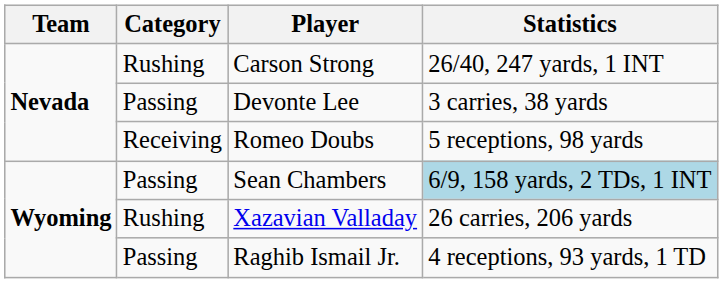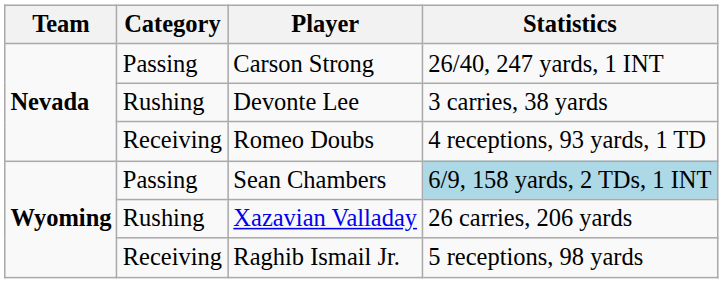 <table class="wikitable" style="float: left;">
 <tr>
 <th>Team</th>
 <th>Category</th>
 <th>Player</th>
 <th>Statistics</th>
 </tr>
 <tr>
 <td rowspan=3><strong>Nevada</strong></td>
-<td>Rushing</td>
+<td>Passing</td>
 <td>Carson Strong</td>
 <td>26/40, 247 yards, 1 INT</td>
 </tr>
 <tr>
-<td>Passing</td>
+<td>Rushing</td>
 <td>Devonte Lee</td>
 <td>3 carries, 38 yards</td>
 </tr>
 <tr>
 <td>Receiving</td>
 <td>Romeo Doubs</td>
-<td>5 receptions, 98 yards</td>
+<td>4 receptions, 93 yards, 1 TD</td>
 </tr>
 <tr>
 <td rowspan=3><strong>Wyoming</strong></td>
 <td>Passing</td>
 <td>Sean Chambers</td>
 <td style="background: lightblue;">6/9, 158 yards, 2 TDs, 1 INT</td>
 </tr>
 <tr>
 <td>Rushing</td>
 <td><a href='#'>Xazavian Valladay</a></td>
 <td>26 carries, 206 yards</td>
 </tr>
 <tr>
-<td>Passing</td>
+<td>Receiving</td>
 <td>Raghib Ismail Jr.</td>
-<td>4 receptions, 93 yards, 1 TD</td>
+<td>5 receptions, 98 yards</td>
 </tr>
 </table>
